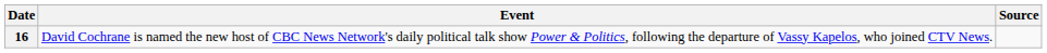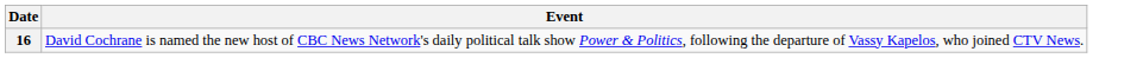 <table class="wikitable">
 <tr>
 <th>Date</th>
 <th>Event</th>
-<th>Source</th>
 </tr>
 <tr>
 <th>16</th>
 <td><a href='#'>David Cochrane</a> is named the new host of <a href='#'>CBC News Network</a>'s daily political talk show <em><a href='#'>Power & Politics</a></em>, following the departure of <a href='#'>Vassy Kapelos</a>, who joined <a href='#'>CTV News</a>.</td>
-<td></td>
 </tr>
 </table>
